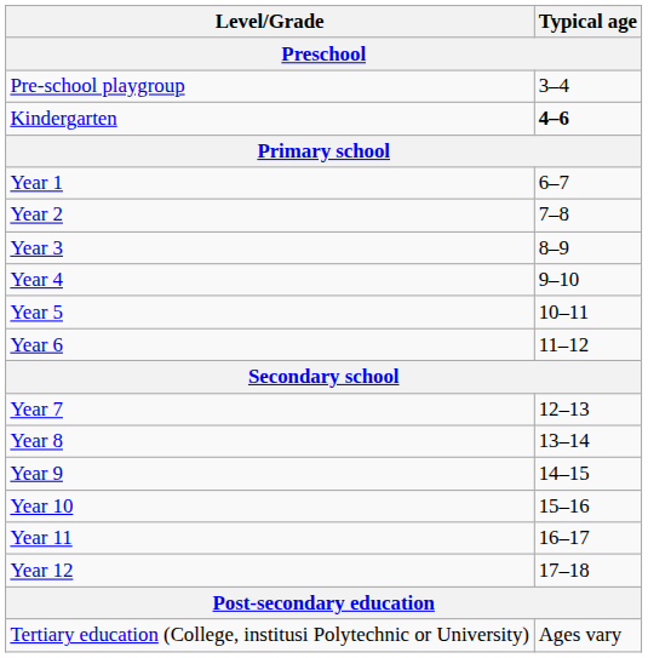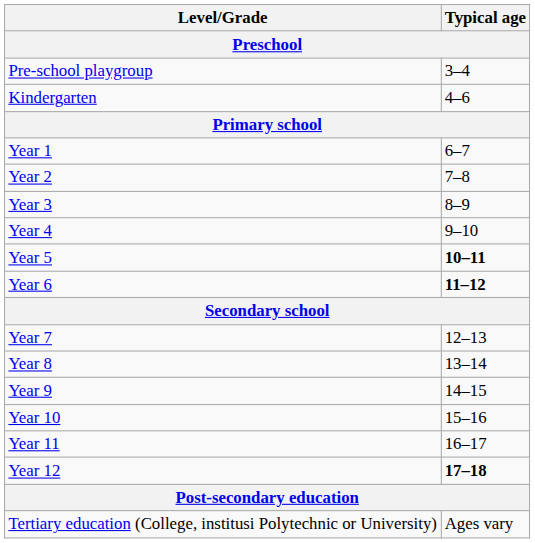 <table class="wikitable">
 <tr>
 <th>Level/Grade</th>
 <th>Typical age</th>
 </tr>
 <tr>
 <th colspan="2"><a href='#'>Preschool</a></th>
 </tr>
 <tr>
 <td><a href='#'>Pre-school playgroup</a></td>
 <td>3–4</td>
 </tr>
 <tr>
 <td><a href='#'>Kindergarten</a></td>
-<td><strong>4–6</strong></td>
+<td>4–6</td>
 </tr>
 <tr>
 <th colspan="2"><a href='#'>Primary school</a></th>
 </tr>
 <tr>
 <td><a href='#'>Year 1</a></td>
 <td>6–7</td>
 </tr>
 <tr>
 <td><a href='#'>Year 2</a></td>
 <td>7–8</td>
 </tr>
 <tr>
 <td><a href='#'>Year 3</a></td>
 <td>8–9</td>
 </tr>
 <tr>
 <td><a href='#'>Year 4</a></td>
 <td>9–10</td>
 </tr>
 <tr>
 <td><a href='#'>Year 5</a></td>
-<td>10–11</td>
+<td><strong>10–11</strong></td>
 </tr>
 <tr>
 <td><a href='#'>Year 6</a></td>
-<td>11–12</td>
+<td><strong>11–12</strong></td>
 </tr>
 <tr>
 <th colspan="2"><a href='#'>Secondary school</a></th>
 </tr>
 <tr>
 <td><a href='#'>Year 7</a></td>
 <td>12–13</td>
 </tr>
 <tr>
 <td><a href='#'>Year 8</a></td>
 <td>13–14</td>
 </tr>
 <tr>
 <td><a href='#'>Year 9</a></td>
 <td>14–15</td>
 </tr>
 <tr>
 <td><a href='#'>Year 10</a></td>
 <td>15–16</td>
 </tr>
 <tr>
 <td><a href='#'>Year 11</a></td>
 <td>16–17</td>
 </tr>
 <tr>
 <td><a href='#'>Year 12</a></td>
-<td>17–18</td>
+<td><strong>17–18</strong></td>
 </tr>
 <tr>
 <th colspan="2"><a href='#'>Post-secondary education</a></th>
 </tr>
 <tr>
 <td><a href='#'>Tertiary education</a> (College, institusi Polytechnic or University)</td>
 <td>Ages vary</td>
 </tr>
 </table>
